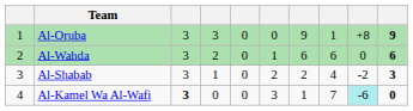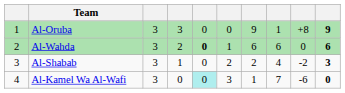 <table class="wikitable" style="text-align: center;">
 <tr>
 <th width=30></th>
 <th width=165>Team</th>
 <th width=30></th>
 <th width=30></th>
 <th width=30></th>
 <th width=30></th>
 <th width=30></th>
 <th width=30></th>
 <th width=30></th>
 <th width=30></th>
 </tr>
 <tr bgcolor=#ACE1AF>
 <td>1</td>
 <td align=left><a href='#'>Al-Oruba</a></td>
 <td>3</td>
 <td>3</td>
 <td>0</td>
 <td>0</td>
 <td>9</td>
 <td>1</td>
 <td>+8</td>
 <td><strong>9</strong></td>
 </tr>
 <tr bgcolor=#ACE1AF>
 <td>2</td>
 <td align=left><a href='#'>Al-Wahda</a></td>
 <td>3</td>
 <td>2</td>
-<td>0</td>
+<td><strong>0</strong></td>
 <td>1</td>
 <td>6</td>
 <td>6</td>
 <td>0</td>
 <td><strong>6</strong></td>
 </tr>
 <tr>
 <td>3</td>
 <td align=left><a href='#'>Al-Shabab</a></td>
 <td>3</td>
 <td>1</td>
 <td>0</td>
 <td>2</td>
 <td>2</td>
 <td>4</td>
 <td>-2</td>
 <td><strong>3</strong></td>
 </tr>
 <tr>
 <td>4</td>
 <td align=left><a href='#'>Al-Kamel Wa Al-Wafi</a></td>
-<td><strong>3</strong></td>
+<td>3</td>
 <td>0</td>
-<td>0</td>
+<td style="background: paleturquoise;">0</td>
 <td>3</td>
 <td>1</td>
 <td>7</td>
-<td style="background: paleturquoise;">-6</td>
+<td>-6</td>
 <td><strong>0</strong></td>
 </tr>
 </table>
